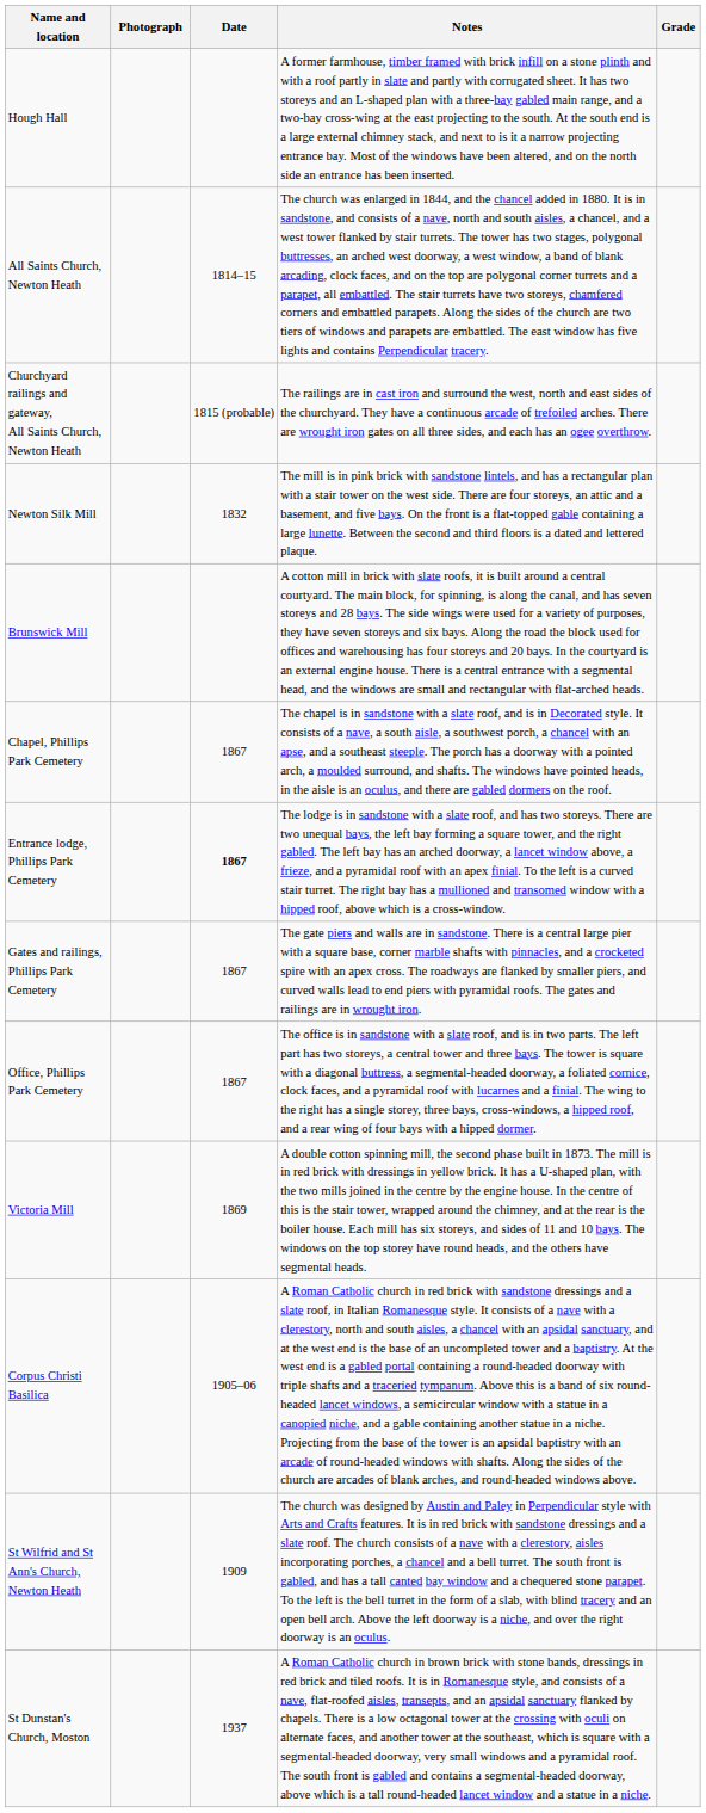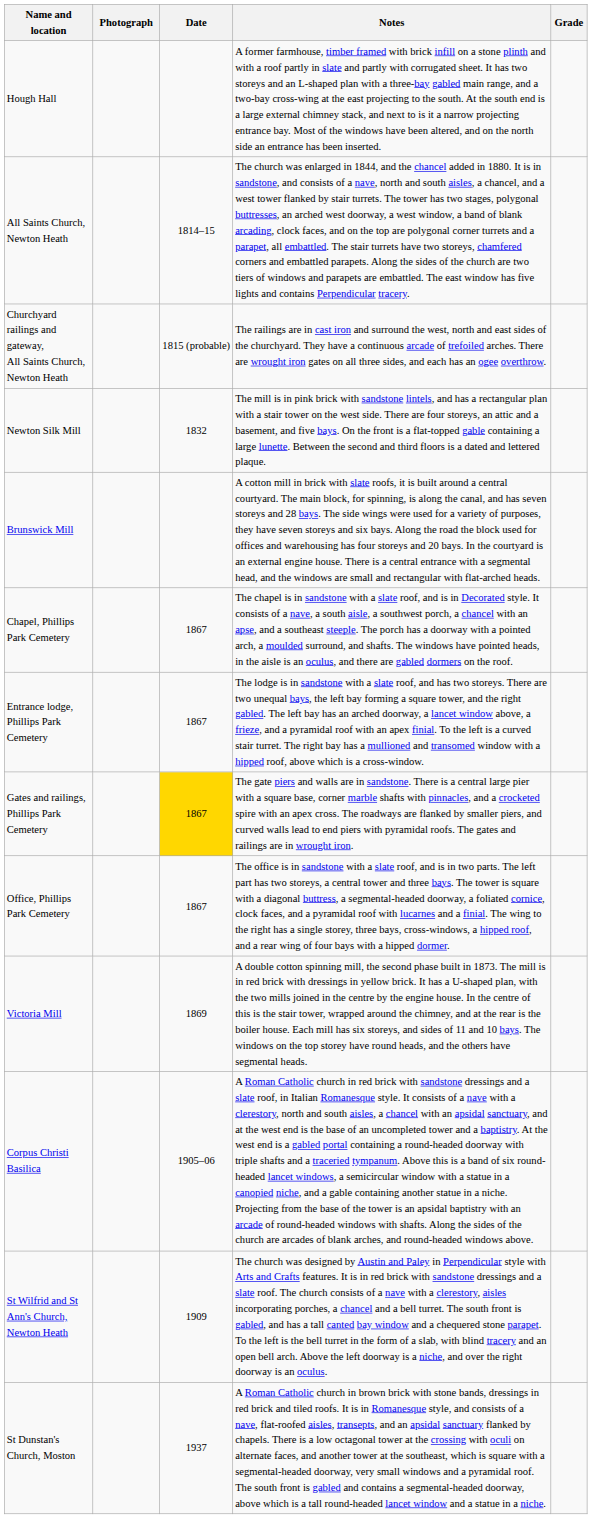 <table class="wikitable sortable plainrowheaders" style="width:100%; border:0; text-align:left; line-height:150%;">
 <tr>
 <th scope="col" style="width:150px">Name and location</th>
 <th scope="col" style="width:100px" class="unsortable">Photograph</th>
 <th scope="col" style="width:120px">Date</th>
 <th scope="col" style="width:650px" class="unsortable">Notes</th>
 <th scope="col" style="width:50px">Grade</th>
 </tr>
 <tr>
 <td>Hough Hall<br><small></small></td>
 <td></td>
 <td align="center"></td>
 <td>A former farmhouse, <a href='#'>timber framed</a> with brick <a href='#'>infill</a> on a stone <a href='#'>plinth</a> and with a roof partly in <a href='#'>slate</a> and partly with corrugated sheet. It has two storeys and an L-shaped plan with a three-<a href='#'>bay</a> <a href='#'>gabled</a> main range, and a two-bay cross-wing at the east projecting to the south. At the south end is a large external chimney stack, and next to is it a narrow projecting entrance bay. Most of the windows have been altered, and on the north side an entrance has been inserted.</td>
 <td align="center" ></td>
 </tr>
 <tr>
 <td>All Saints Church, Newton Heath<br><small></small></td>
 <td></td>
 <td align="center">1814–15</td>
 <td>The church was enlarged in 1844, and the <a href='#'>chancel</a> added in 1880. It is in <a href='#'>sandstone</a>, and consists of a <a href='#'>nave</a>, north and south <a href='#'>aisles</a>, a chancel, and a west tower flanked by stair turrets. The tower has two stages, polygonal <a href='#'>buttresses</a>, an arched west doorway, a west window, a band of blank <a href='#'>arcading</a>, clock faces, and on the top are polygonal corner turrets and a <a href='#'>parapet</a>, all <a href='#'>embattled</a>. The stair turrets have two storeys, <a href='#'>chamfered</a> corners and embattled parapets. Along the sides of the church are two tiers of windows and parapets are embattled. The east window has five lights and contains <a href='#'>Perpendicular</a> <a href='#'>tracery</a>.</td>
 <td align="center" ></td>
 </tr>
 <tr>
 <td>Churchyard railings and gateway,<br>All Saints Church, Newton Heath<br><small></small></td>
 <td></td>
 <td align="center">1815 (probable)</td>
 <td>The railings are in <a href='#'>cast iron</a> and surround the west, north and east sides of the churchyard. They have a continuous <a href='#'>arcade</a> of <a href='#'>trefoiled</a> arches. There are <a href='#'>wrought iron</a> gates on all three sides, and each has an <a href='#'>ogee</a> <a href='#'>overthrow</a>.</td>
 <td align="center" ></td>
 </tr>
 <tr>
 <td>Newton Silk Mill<br><small></small></td>
 <td></td>
 <td align="center">1832</td>
 <td>The mill is in pink brick with <a href='#'>sandstone</a> <a href='#'>lintels</a>, and has a rectangular plan with a stair tower on the west side. There are four storeys, an attic and a basement, and five <a href='#'>bays</a>. On the front is a flat-topped <a href='#'>gable</a> containing a large <a href='#'>lunette</a>. Between the second and third floors is a dated and lettered plaque.</td>
 <td align="center" ></td>
 </tr>
 <tr>
 <td><a href='#'>Brunswick Mill</a><br><small></small></td>
 <td></td>
 <td align="center"></td>
 <td>A cotton mill in brick with <a href='#'>slate</a> roofs, it is built around a central courtyard. The main block, for spinning, is along the canal, and has seven storeys and 28 <a href='#'>bays</a>. The side wings were used for a variety of purposes, they have seven storeys and six bays. Along the road the block used for offices and warehousing has four storeys and 20 bays. In the courtyard is an external engine house. There is a central entrance with a segmental head, and the windows are small and rectangular with flat-arched heads.</td>
 <td align="center" ></td>
 </tr>
 <tr>
 <td>Chapel, Phillips Park Cemetery<br><small></small></td>
 <td></td>
 <td align="center">1867</td>
 <td>The chapel is in <a href='#'>sandstone</a> with a <a href='#'>slate</a> roof, and is in <a href='#'>Decorated</a> style. It consists of a <a href='#'>nave</a>, a south <a href='#'>aisle</a>, a southwest porch, a <a href='#'>chancel</a> with an <a href='#'>apse</a>, and a southeast <a href='#'>steeple</a>. The porch has a doorway with a pointed arch, a <a href='#'>moulded</a> surround, and shafts. The windows have pointed heads, in the aisle is an <a href='#'>oculus</a>, and there are <a href='#'>gabled</a> <a href='#'>dormers</a> on the roof.</td>
 <td align="center" ></td>
 </tr>
 <tr>
 <td>Entrance lodge,<br>Phillips Park Cemetery<br><small></small></td>
 <td></td>
-<td align="center"><strong>1867</strong></td>
+<td align="center">1867</td>
 <td>The lodge is in <a href='#'>sandstone</a> with a <a href='#'>slate</a> roof, and has two storeys. There are two unequal <a href='#'>bays</a>, the left bay forming a square tower, and the right <a href='#'>gabled</a>. The left bay has an arched doorway, a <a href='#'>lancet window</a> above, a <a href='#'>frieze</a>, and a pyramidal roof with an apex <a href='#'>finial</a>. To the left is a curved stair turret. The right bay has a <a href='#'>mullioned</a> and <a href='#'>transomed</a> window with a <a href='#'>hipped</a> roof, above which is a cross-window.</td>
 <td align="center" ></td>
 </tr>
 <tr>
 <td>Gates and railings,<br>Phillips Park Cemetery<br><small></small></td>
 <td></td>
-<td align="center">1867</td>
+<td align="center" style="background: gold;">1867</td>
 <td>The gate <a href='#'>piers</a> and walls are in <a href='#'>sandstone</a>. There is a central large pier with a square base, corner <a href='#'>marble</a> shafts with <a href='#'>pinnacles</a>, and a <a href='#'>crocketed</a> spire with an apex cross. The roadways are flanked by smaller piers, and curved walls lead to end piers with pyramidal roofs. The gates and railings are in <a href='#'>wrought iron</a>.</td>
 <td align="center" ></td>
 </tr>
 <tr>
 <td>Office, Phillips Park Cemetery<br><small></small></td>
 <td></td>
 <td align="center">1867</td>
 <td>The office is in <a href='#'>sandstone</a> with a <a href='#'>slate</a> roof, and is in two parts. The left part has two storeys, a central tower and three <a href='#'>bays</a>. The tower is square with a diagonal <a href='#'>buttress</a>, a segmental-headed doorway, a foliated <a href='#'>cornice</a>, clock faces, and a pyramidal roof with <a href='#'>lucarnes</a> and a <a href='#'>finial</a>. The wing to the right has a single storey, three bays, cross-windows, a <a href='#'>hipped roof</a>, and a rear wing of four bays with a hipped <a href='#'>dormer</a>.</td>
 <td align="center" ></td>
 </tr>
 <tr>
 <td><a href='#'>Victoria Mill</a><br><small></small></td>
 <td></td>
 <td align="center">1869</td>
 <td>A double cotton spinning mill, the second phase built in 1873. The mill is in red brick with dressings in yellow brick. It has a U-shaped plan, with the two mills joined in the centre by the engine house. In the centre of this is the stair tower, wrapped around the chimney, and at the rear is the boiler house. Each mill has six storeys, and sides of 11 and 10 <a href='#'>bays</a>. The windows on the top storey have round heads, and the others have segmental heads.</td>
 <td align="center" ></td>
 </tr>
 <tr>
 <td><a href='#'>Corpus Christi Basilica</a><br><small></small></td>
 <td></td>
 <td align="center">1905–06</td>
 <td>A <a href='#'>Roman Catholic</a> church in red brick with <a href='#'>sandstone</a> dressings and a <a href='#'>slate</a> roof, in Italian <a href='#'>Romanesque</a> style. It consists of a <a href='#'>nave</a> with a <a href='#'>clerestory</a>, north and south <a href='#'>aisles</a>, a <a href='#'>chancel</a> with an <a href='#'>apsidal</a> <a href='#'>sanctuary</a>, and at the west end is the base of an uncompleted tower and a <a href='#'>baptistry</a>. At the west end is a <a href='#'>gabled</a> <a href='#'>portal</a> containing a round-headed doorway with triple shafts and a <a href='#'>traceried</a> <a href='#'>tympanum</a>. Above this is a band of six round-headed <a href='#'>lancet windows</a>, a semicircular window with a statue in a <a href='#'>canopied</a> <a href='#'>niche</a>, and a gable containing another statue in a niche. Projecting from the base of the tower is an apsidal baptistry with an <a href='#'>arcade</a> of round-headed windows with shafts. Along the sides of the church are arcades of blank arches, and round-headed windows above.</td>
 <td align="center" ></td>
 </tr>
 <tr>
 <td><a href='#'>St Wilfrid and St Ann's Church, Newton Heath</a><br><small></small></td>
 <td></td>
 <td align="center">1909</td>
 <td>The church was designed by <a href='#'>Austin and Paley</a> in <a href='#'>Perpendicular</a> style with <a href='#'>Arts and Crafts</a> features. It is in red brick with <a href='#'>sandstone</a> dressings and a <a href='#'>slate</a> roof. The church consists of a <a href='#'>nave</a> with a <a href='#'>clerestory</a>, <a href='#'>aisles</a> incorporating porches, a <a href='#'>chancel</a> and a bell turret. The south front is <a href='#'>gabled</a>, and has a tall <a href='#'>canted</a> <a href='#'>bay window</a> and a chequered stone <a href='#'>parapet</a>. To the left is the bell turret in the form of a slab, with blind <a href='#'>tracery</a> and an open bell arch. Above the left doorway is a <a href='#'>niche</a>, and over the right doorway is an <a href='#'>oculus</a>.</td>
 <td align="center" ></td>
 </tr>
 <tr>
 <td>St Dunstan's Church, Moston<br><small></small></td>
 <td></td>
 <td align="center">1937</td>
 <td>A <a href='#'>Roman Catholic</a> church in brown brick with stone bands, dressings in red brick and tiled roofs. It is in <a href='#'>Romanesque</a> style, and consists of a <a href='#'>nave</a>, flat-roofed <a href='#'>aisles</a>, <a href='#'>transepts</a>, and an <a href='#'>apsidal</a> <a href='#'>sanctuary</a> flanked by chapels. There is a low octagonal tower at the <a href='#'>crossing</a> with <a href='#'>oculi</a> on alternate faces, and another tower at the southeast, which is square with a segmental-headed doorway, very small windows and a pyramidal roof. The south front is <a href='#'>gabled</a> and contains a segmental-headed doorway, above which is a tall round-headed <a href='#'>lancet window</a> and a statue in a <a href='#'>niche</a>.</td>
 <td align="center" ></td>
 </tr>
 <tr>
 </tr>
 </table>
